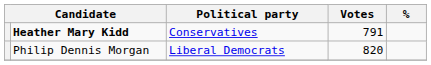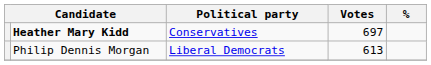 <table class="wikitable">
 <tr>
 <th valign=top colspan="2" style="width: 180px">Candidate</th>
 <th valign=top style="width: 180px">Political party</th>
 <th valign=top style="width: 60px">Votes</th>
 <th valign=top style="width: 40px">%</th>
 </tr>
 <tr>
 <th style="background-color: "></th>
 <td><strong>Heather Mary Kidd</strong></td>
 <td><a href='#'>Conservatives</a></td>
-<td align="right">791</td>
+<td align="right">697</td>
 <td align="right"></td>
 </tr>
 <tr>
 <th style="background-color: "></th>
 <td>Philip Dennis Morgan</td>
 <td><a href='#'>Liberal Democrats</a></td>
-<td align="right">820</td>
+<td align="right">613</td>
 <td align="right"></td>
 </tr>
 <tr>
 </tr>
 </table>
